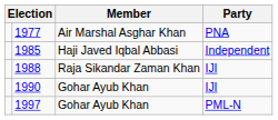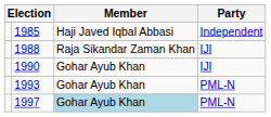 <table class="wikitable">
 <tr>
 <th colspan="2">Election</th>
 <th>Member</th>
 <th>Party</th>
-</tr>
-<tr>
-<td style="background-color: "></td>
-<td><a href='#'>1977</a></td>
-<td>Air Marshal Asghar Khan</td>
-<td><a href='#'>PNA</a></td>
 </tr>
 <tr>
 <td style="background-color: "></td>
 <td><a href='#'>1985</a></td>
 <td>Haji Javed Iqbal Abbasi</td>
 <td><a href='#'>Independent</a></td>
 </tr>
 <tr>
 <td style="background-color: "></td>
 <td><a href='#'>1988</a></td>
 <td>Raja Sikandar Zaman Khan</td>
 <td><a href='#'>IJI</a></td>
 </tr>
 <tr>
 <td style="background-color: "></td>
 <td><a href='#'>1990</a></td>
 <td>Gohar Ayub Khan</td>
 <td><a href='#'>IJI</a></td>
 </tr>
 <tr>
 <td style="background-color: "></td>
-<td><a href='#'>1997</a></td>
+<td><a href='#'>1993</a></td>
 <td>Gohar Ayub Khan</td>
 <td><a href='#'>PML-N</a></td>
 </tr>
+<tr>
+<td style="background-color: "></td>
+<td><a href='#'>1997</a></td>
+<td style="background: lightblue;">Gohar Ayub Khan</td>
+<td><a href='#'>PML-N</a></td>
+</tr>
 </table>
